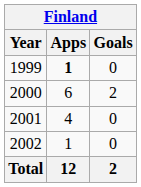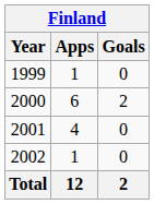 <table class=wikitable style=text-align:center>
 <tr>
 <th colspan=5><a href='#'>Finland</a></th>
 </tr>
 <tr>
 <th>Year</th>
 <th>Apps</th>
 <th>Goals</th>
 </tr>
 <tr>
 <td>1999</td>
-<td><strong>1</strong></td>
+<td>1</td>
 <td>0</td>
 </tr>
 <tr>
 <td>2000</td>
 <td>6</td>
 <td>2</td>
 </tr>
 <tr>
 <td>2001</td>
 <td>4</td>
 <td>0</td>
 </tr>
 <tr>
 <td>2002</td>
 <td>1</td>
 <td>0</td>
 </tr>
 <tr>
 <th colspan=1>Total</th>
 <th>12</th>
 <th>2</th>
 </tr>
 </table>
